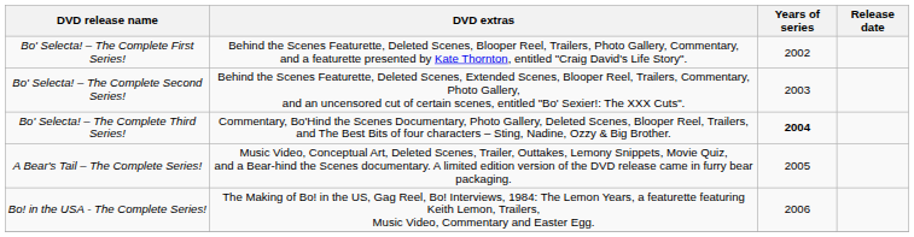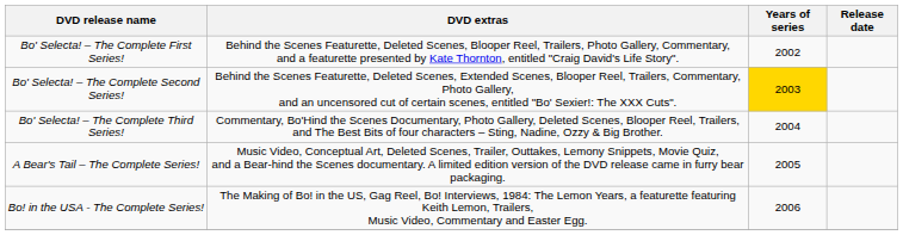 <table class="wikitable">
 <tr>
 <th>DVD release name</th>
 <th>DVD extras</th>
 <th>Years of series</th>
 <th>Release date</th>
 </tr>
 <tr>
 <td rowspan="1" style="text-align:center;"><em>Bo' Selecta! – The Complete First Series!</em></td>
 <td style="text-align:center;">Behind the Scenes Featurette, Deleted Scenes, Blooper Reel, Trailers, Photo Gallery, Commentary,<br>and a featurette presented by <a href='#'>Kate Thornton</a>, entitled "Craig David's Life Story".</td>
 <td rowspan="1" style="text-align:center;">2002</td>
 <td style="text-align:center;"></td>
 </tr>
 <tr>
 <td rowspan="1" style="text-align:center;"><em>Bo' Selecta! – The Complete Second Series!</em></td>
 <td style="text-align:center;">Behind the Scenes Featurette, Deleted Scenes, Extended Scenes, Blooper Reel, Trailers, Commentary, Photo Gallery,<br>and an uncensored cut of certain scenes, entitled "Bo' Sexier!: The XXX Cuts".</td>
-<td rowspan="1" style="text-align:center;">2003</td>
+<td rowspan="1" style="background: gold; text-align:center;">2003</td>
 <td style="text-align:center;"></td>
 </tr>
 <tr>
 <td rowspan="1" style="text-align:center;"><em>Bo' Selecta! – The Complete Third Series!</em></td>
 <td style="text-align:center;">Commentary, Bo'Hind the Scenes Documentary, Photo Gallery, Deleted Scenes, Blooper Reel, Trailers,<br>and The Best Bits of four characters – Sting, Nadine, Ozzy & Big Brother.</td>
-<td rowspan="1" style="text-align:center;"><strong>2004</strong></td>
+<td rowspan="1" style="text-align:center;">2004</td>
 <td style="text-align:center;"></td>
 </tr>
 <tr>
 <td rowspan="1" style="text-align:center;"><em>A Bear's Tail – The Complete Series!</em></td>
 <td style="text-align:center;">Music Video, Conceptual Art, Deleted Scenes, Trailer, Outtakes, Lemony Snippets, Movie Quiz,<br>and a Bear-hind the Scenes documentary. A limited edition version of the DVD release came in furry bear packaging.</td>
 <td rowspan="1" style="text-align:center;">2005</td>
 <td style="text-align:center;"></td>
 </tr>
 <tr>
 <td rowspan="1" style="text-align:center;"><em>Bo! in the USA - The Complete Series!</em></td>
 <td style="text-align:center;">The Making of Bo! in the US, Gag Reel, Bo! Interviews, 1984: The Lemon Years, a featurette featuring Keith Lemon, Trailers,<br>Music Video, Commentary and Easter Egg.</td>
 <td rowspan="1" style="text-align:center;">2006</td>
 <td style="text-align:center;"></td>
 </tr>
 <tr>
 </tr>
 </table>
